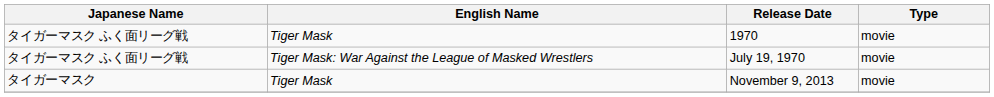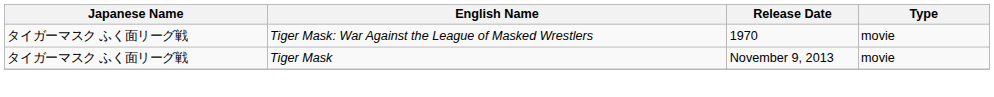 <table class="wikitable">
 <tr>
 <th width=20%>Japanese Name</th>
 <th width=35%>English Name</th>
 <th width=10%>Release Date</th>
 <th width=10%>Type</th>
 </tr>
 <tr>
 <td>タイガーマスク ふく面リーグ戦</td>
-<td><em>Tiger Mask</em></td>
+<td><em>Tiger Mask: War Against the League of Masked Wrestlers</em></td>
 <td>1970</td>
 <td>movie</td>
 </tr>
 <tr>
 <td>タイガーマスク ふく面リーグ戦</td>
-<td><em>Tiger Mask: War Against the League of Masked Wrestlers</em></td>
-<td>July 19, 1970</td>
-<td>movie</td>
-</tr>
-<tr>
-<td>タイガーマスク</td>
 <td><em>Tiger Mask</em></td>
 <td>November 9, 2013</td>
 <td>movie</td>
 </tr>
 <tr>
 </tr>
 </table>
